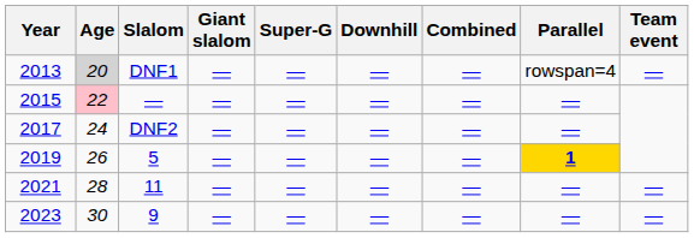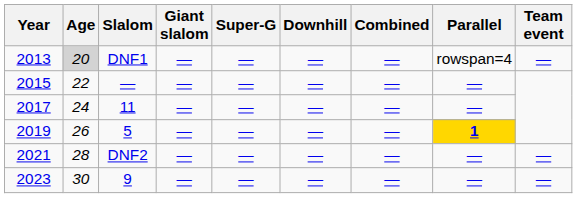 <table class=wikitable style="text-align:center">
 <tr>
 <th>Year</th>
 <th>Age</th>
 <th>Slalom</th>
 <th>Giant<br>slalom</th>
 <th>Super-G</th>
 <th>Downhill</th>
 <th>Combined</th>
 <th>Parallel</th>
 <th>Team<br> event </th>
 </tr>
 <tr>
 <td>  <a href='#'>2013</a>  </td>
 <td style="background: lightgrey;"><em>20</em></td>
 <td><a href='#'>DNF1</a></td>
 <td><a href='#'>—</a></td>
 <td><a href='#'>—</a></td>
 <td><a href='#'>—</a></td>
 <td><a href='#'>—</a></td>
 <td>rowspan=4 </td>
 <td><a href='#'>—</a></td>
 </tr>
 <tr>
 <td><a href='#'>2015</a></td>
-<td style="background: pink;"><em>22</em></td>
+<td><em>22</em></td>
 <td><a href='#'>—</a></td>
 <td><a href='#'>—</a></td>
 <td><a href='#'>—</a></td>
 <td><a href='#'>—</a></td>
 <td><a href='#'>—</a></td>
 <td><a href='#'>—</a></td>
 </tr>
 <tr>
 <td><a href='#'>2017</a></td>
 <td><em>24</em></td>
-<td><a href='#'>DNF2</a></td>
+<td><a href='#'>11</a></td>
 <td><a href='#'>—</a></td>
 <td><a href='#'>—</a></td>
 <td><a href='#'>—</a></td>
 <td><a href='#'>—</a></td>
 <td><a href='#'>—</a></td>
 </tr>
 <tr>
 <td><a href='#'>2019</a></td>
 <td><em>26</em></td>
 <td><a href='#'>5</a></td>
 <td><a href='#'>—</a></td>
 <td><a href='#'>—</a></td>
 <td><a href='#'>—</a></td>
 <td><a href='#'>—</a></td>
 <td style="background:gold;"><strong><a href='#'>1</a></strong></td>
 </tr>
 <tr>
 <td><a href='#'>2021</a></td>
 <td><em>28</em></td>
-<td><a href='#'>11</a></td>
+<td><a href='#'>DNF2</a></td>
 <td><a href='#'>—</a></td>
 <td><a href='#'>—</a></td>
 <td><a href='#'>—</a></td>
 <td><a href='#'>—</a></td>
 <td><a href='#'>—</a></td>
 <td><a href='#'>—</a></td>
 </tr>
 <tr>
 <td><a href='#'>2023</a></td>
 <td><em>30</em></td>
 <td><a href='#'>9</a></td>
 <td><a href='#'>—</a></td>
 <td><a href='#'>—</a></td>
 <td><a href='#'>—</a></td>
 <td><a href='#'>—</a></td>
 <td><a href='#'>—</a></td>
 <td><a href='#'>—</a></td>
 </tr>
 </table>
